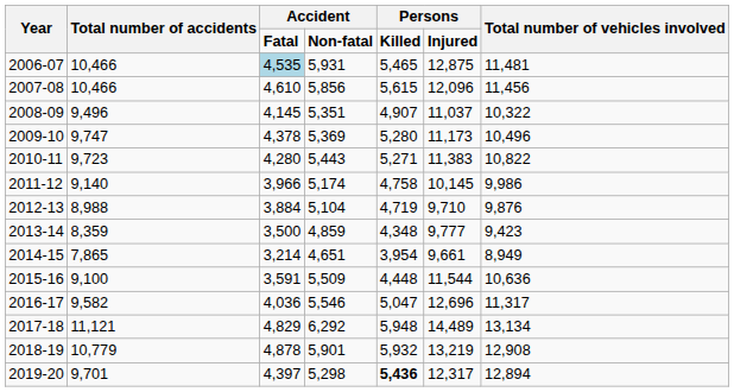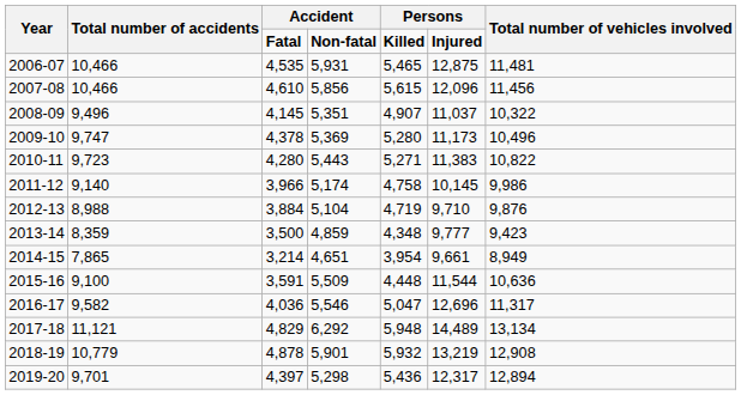 <table class="wikitable">
 <tr>
 <th rowspan="2">Year</th>
 <th rowspan="2">Total number of accidents</th>
 <th colspan="2">Accident</th>
 <th colspan="2">Persons</th>
 <th rowspan="2">Total number of vehicles involved</th>
 </tr>
 <tr>
 <td><strong>Fatal</strong></td>
 <td><strong>Non-fatal</strong></td>
 <td><strong>Killed</strong></td>
 <td><strong>Injured</strong></td>
 </tr>
 <tr>
 <td>2006-07</td>
 <td>10,466</td>
-<td style="background: lightblue;">4,535</td>
+<td>4,535</td>
 <td>5,931</td>
 <td>5,465</td>
 <td>12,875</td>
 <td>11,481</td>
 </tr>
 <tr>
 <td>2007-08</td>
 <td>10,466</td>
 <td>4,610</td>
 <td>5,856</td>
 <td>5,615</td>
 <td>12,096</td>
 <td>11,456</td>
 </tr>
 <tr>
 <td>2008-09</td>
 <td>9,496</td>
 <td>4,145</td>
 <td>5,351</td>
 <td>4,907</td>
 <td>11,037</td>
 <td>10,322</td>
 </tr>
 <tr>
 <td>2009-10</td>
 <td>9,747</td>
 <td>4,378</td>
 <td>5,369</td>
 <td>5,280</td>
 <td>11,173</td>
 <td>10,496</td>
 </tr>
 <tr>
 <td>2010-11</td>
 <td>9,723</td>
 <td>4,280</td>
 <td>5,443</td>
 <td>5,271</td>
 <td>11,383</td>
 <td>10,822</td>
 </tr>
 <tr>
 <td>2011-12</td>
 <td>9,140</td>
 <td>3,966</td>
 <td>5,174</td>
 <td>4,758</td>
 <td>10,145</td>
 <td>9,986</td>
 </tr>
 <tr>
 <td>2012-13</td>
 <td>8,988</td>
 <td>3,884</td>
 <td>5,104</td>
 <td>4,719</td>
 <td>9,710</td>
 <td>9,876</td>
 </tr>
 <tr>
 <td>2013-14</td>
 <td>8,359</td>
 <td>3,500</td>
 <td>4,859</td>
 <td>4,348</td>
 <td>9,777</td>
 <td>9,423</td>
 </tr>
 <tr>
 <td>2014-15</td>
 <td>7,865</td>
 <td>3,214</td>
 <td>4,651</td>
 <td>3,954</td>
 <td>9,661</td>
 <td>8,949</td>
 </tr>
 <tr>
 <td>2015-16</td>
 <td>9,100</td>
 <td>3,591</td>
 <td>5,509</td>
 <td>4,448</td>
 <td>11,544</td>
 <td>10,636</td>
 </tr>
 <tr>
 <td>2016-17</td>
 <td>9,582</td>
 <td>4,036</td>
 <td>5,546</td>
 <td>5,047</td>
 <td>12,696</td>
 <td>11,317</td>
 </tr>
 <tr>
 <td>2017-18</td>
 <td>11,121</td>
 <td>4,829</td>
 <td>6,292</td>
 <td>5,948</td>
 <td>14,489</td>
 <td>13,134</td>
 </tr>
 <tr>
 <td>2018-19</td>
 <td>10,779</td>
 <td>4,878</td>
 <td>5,901</td>
 <td>5,932</td>
 <td>13,219</td>
 <td>12,908</td>
 </tr>
 <tr>
 <td>2019-20</td>
 <td>9,701</td>
 <td>4,397</td>
 <td>5,298</td>
-<td><strong>5,436</strong></td>
+<td>5,436</td>
 <td>12,317</td>
 <td>12,894</td>
 </tr>
 </table>
